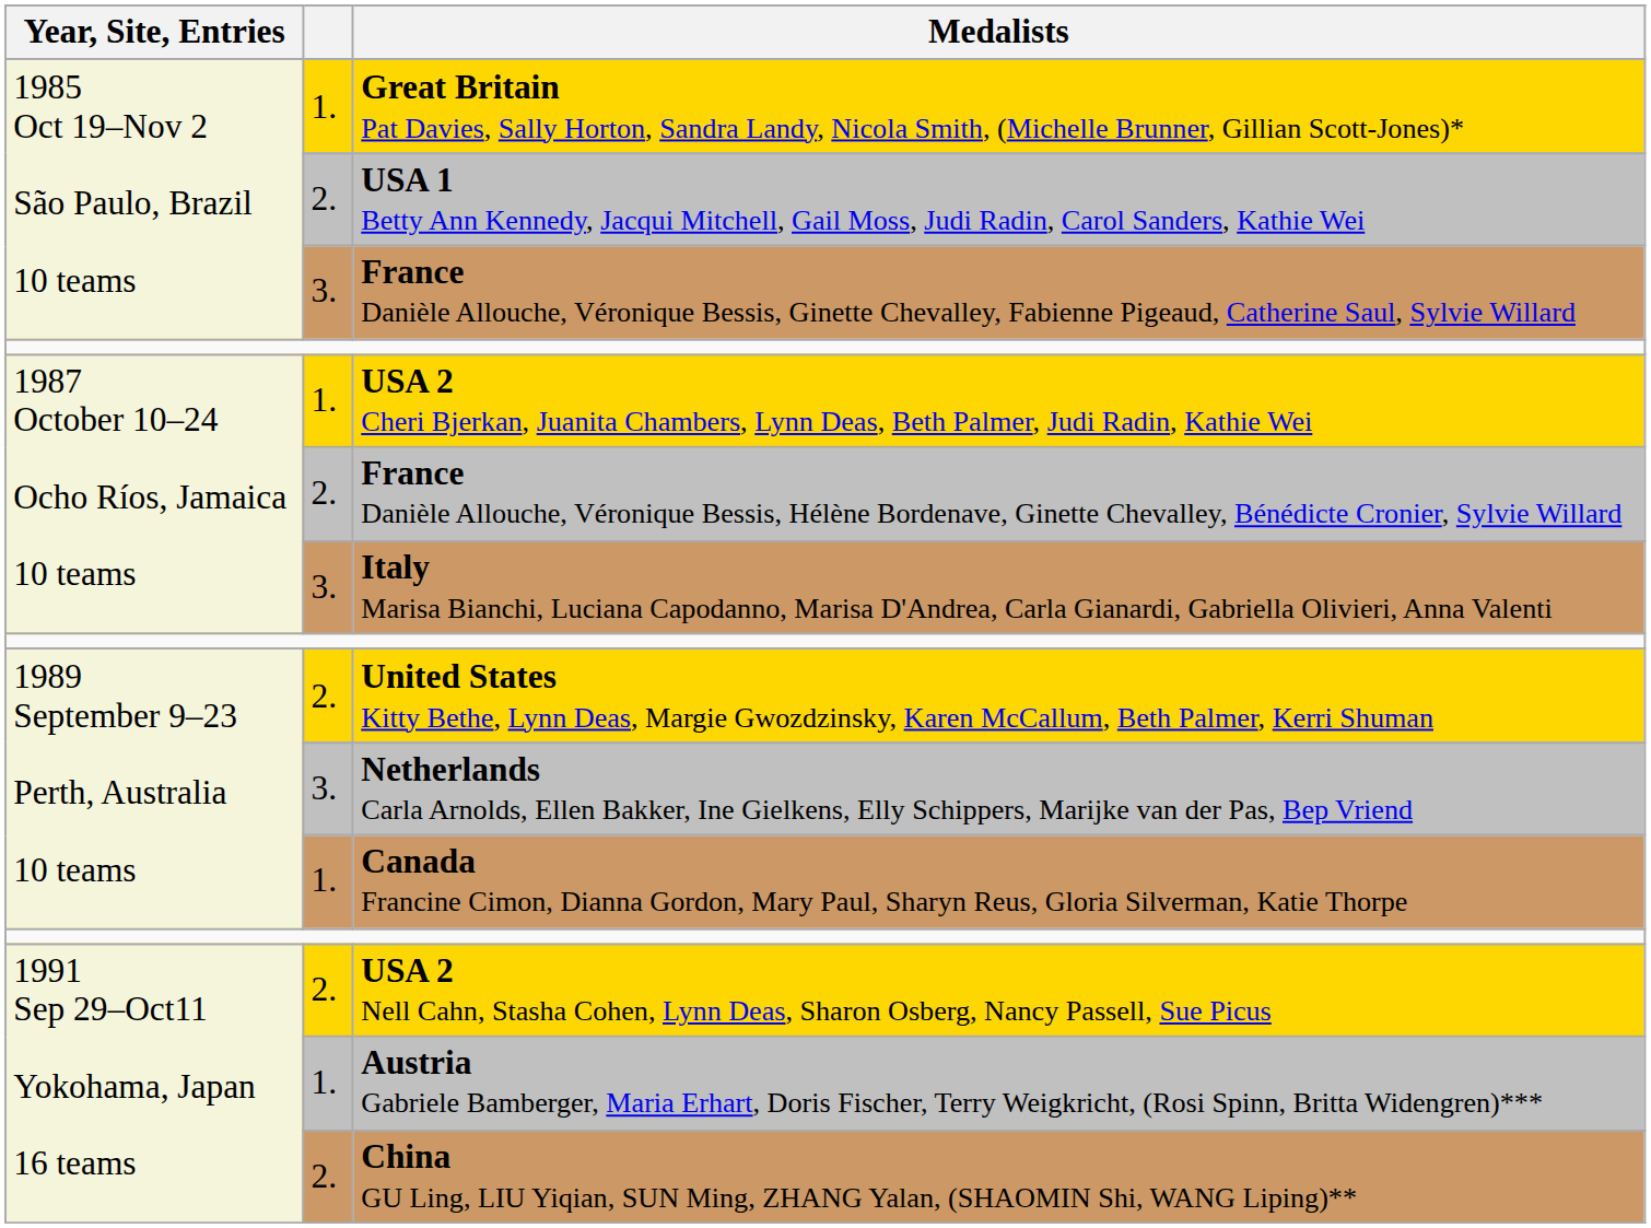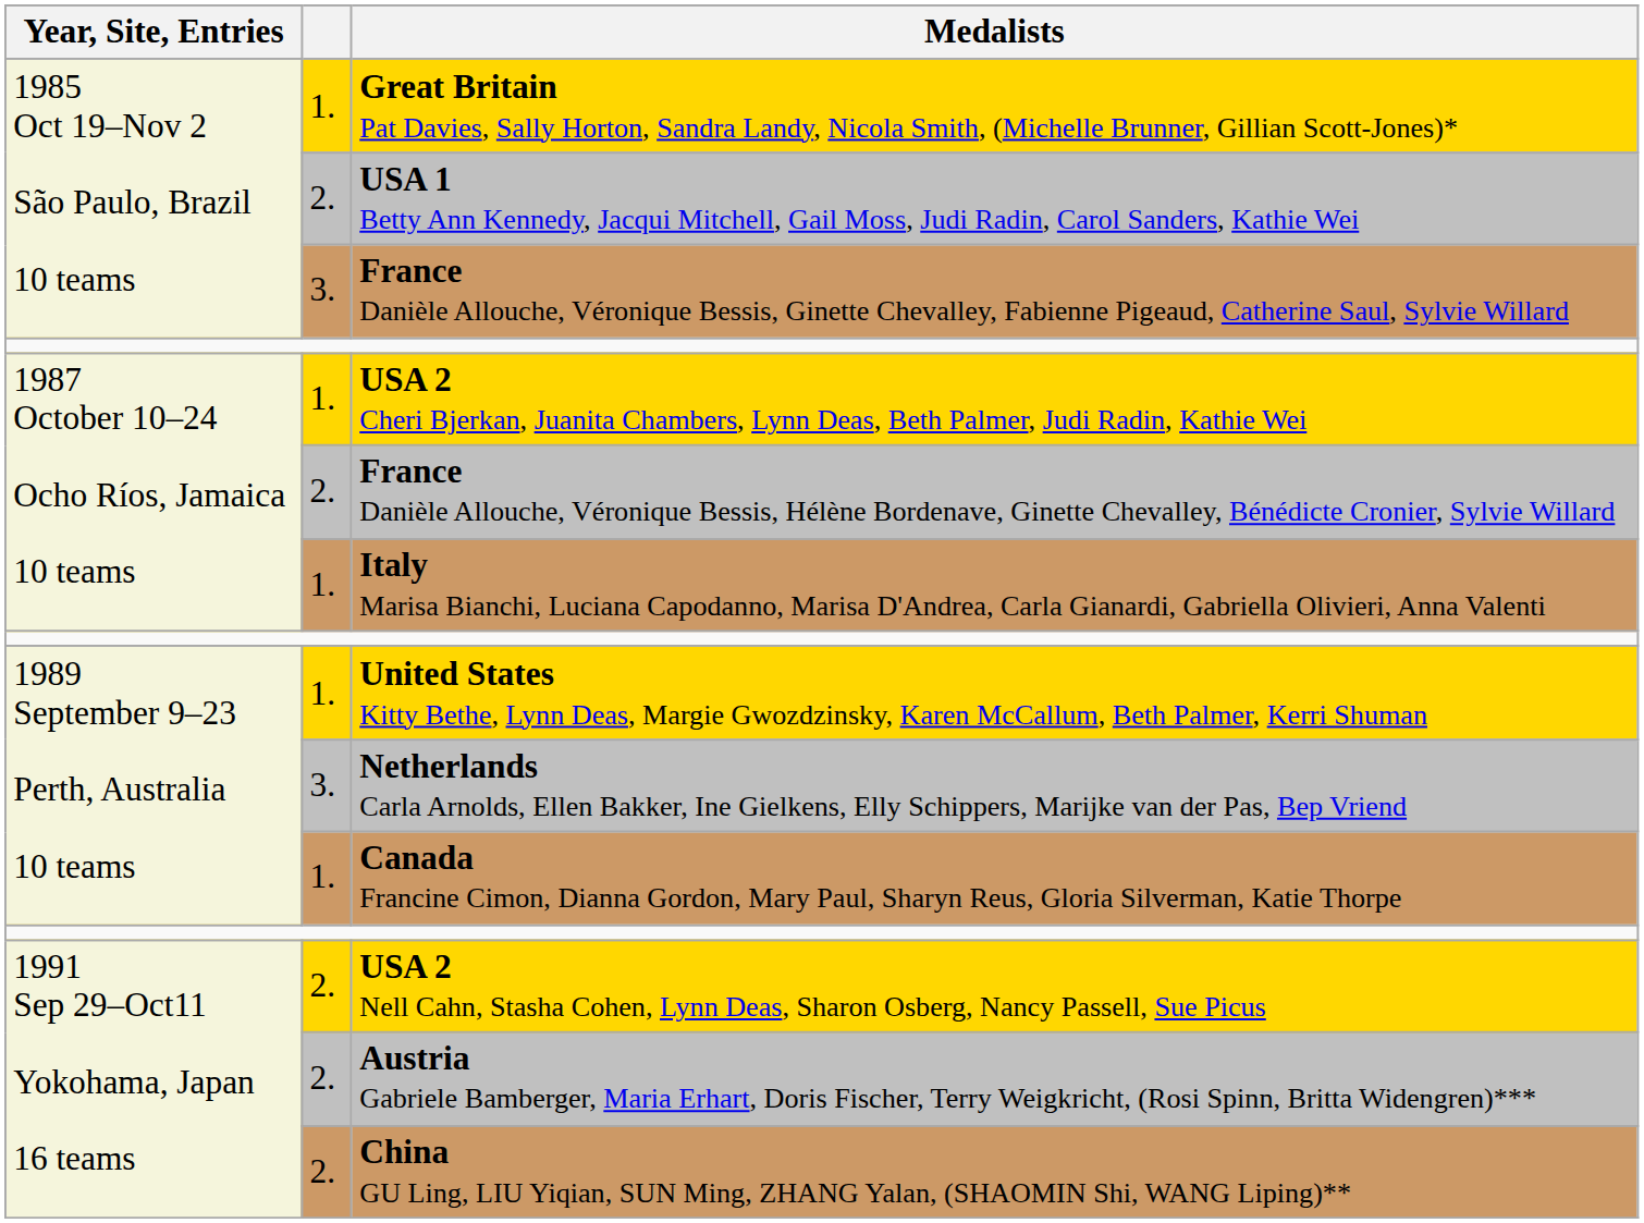 <table class=wikitable>
 <tr>
 <th>Year, Site, Entries</th>
 <th></th>
 <th>Medalists</th>
 </tr>
 <tr bgcolor="gold">
 <td rowspan=3 bgcolor="beige" valign="Top">1985<br>Oct 19–Nov 2 <br> <br>São Paulo, Brazil <br> <br>10 teams</td>
 <td>1. </td>
 <td> <strong>Great Britain</strong><br><small><a href='#'>Pat Davies</a>, <a href='#'>Sally Horton</a>, <a href='#'>Sandra Landy</a>, <a href='#'>Nicola Smith</a>, (<a href='#'>Michelle Brunner</a>, Gillian Scott-Jones)*</small></td>
 </tr>
 <tr bgcolor="silver">
 <td>2.</td>
 <td> <strong>USA 1</strong> <br><small><a href='#'>Betty Ann Kennedy</a>, <a href='#'>Jacqui Mitchell</a>, <a href='#'>Gail Moss</a>, <a href='#'>Judi Radin</a>, <a href='#'>Carol Sanders</a>, <a href='#'>Kathie Wei</a></small></td>
 </tr>
 <tr bgcolor="cc9966">
 <td>3.</td>
 <td> <strong>France</strong><br><small>Danièle Allouche, Véronique Bessis, Ginette Chevalley, Fabienne Pigeaud, <a href='#'>Catherine Saul</a>, <a href='#'>Sylvie Willard</a></small></td>
 </tr>
 <tr>
 <td colspan=3></td>
 </tr>
 <tr bgcolor="gold">
 <td rowspan=3 bgcolor="beige" valign="Top">1987<br>October 10–24 <br> <br>Ocho Ríos, Jamaica  <br> <br>10 teams</td>
 <td>1.</td>
 <td> <strong>USA 2</strong> <br><small><a href='#'>Cheri Bjerkan</a>, <a href='#'>Juanita Chambers</a>, <a href='#'>Lynn Deas</a>, <a href='#'>Beth Palmer</a>, <a href='#'>Judi Radin</a>, <a href='#'>Kathie Wei</a></small></td>
 </tr>
 <tr bgcolor="silver">
 <td>2.</td>
 <td> <strong>France</strong> <br><small>Danièle Allouche, Véronique Bessis, Hélène Bordenave, Ginette Chevalley, <a href='#'>Bénédicte Cronier</a>, <a href='#'>Sylvie Willard</a>  </small></td>
 </tr>
 <tr bgcolor="cc9966">
-<td>3.</td>
+<td>1.</td>
 <td> <strong>Italy</strong> <br><small>Marisa Bianchi, Luciana Capodanno, Marisa D'Andrea, Carla Gianardi, Gabriella Olivieri, Anna Valenti</small></td>
 </tr>
 <tr>
 <td colspan=3></td>
 </tr>
 <tr bgcolor="gold">
 <td rowspan=3 bgcolor="beige" valign="Top">1989<br>September 9–23 <br> <br>Perth, Australia <br> <br>10 teams</td>
-<td>2.</td>
+<td>1.</td>
 <td> <strong>United States</strong> <br><small><a href='#'>Kitty Bethe</a>, <a href='#'>Lynn Deas</a>, Margie Gwozdzinsky, <a href='#'>Karen McCallum</a>, <a href='#'>Beth Palmer</a>, <a href='#'>Kerri Shuman</a></small></td>
 </tr>
 <tr bgcolor="silver">
 <td>3.</td>
 <td> <strong>Netherlands</strong> <br><small>Carla Arnolds, Ellen Bakker, Ine Gielkens, Elly Schippers, Marijke van der Pas, <a href='#'>Bep Vriend</a></small></td>
 </tr>
 <tr bgcolor="cc9966">
 <td>1.</td>
 <td> <strong>Canada</strong> <br><small>Francine Cimon, Dianna Gordon, Mary Paul, Sharyn Reus, Gloria Silverman, Katie Thorpe</small></td>
 </tr>
 <tr>
 <td colspan=3></td>
 </tr>
 <tr bgcolor="gold">
 <td rowspan=3 bgcolor="beige" valign="Top">1991<br>Sep 29–Oct11 <br> <br>Yokohama, Japan <br> <br>16 teams</td>
 <td>2.</td>
 <td> <strong>USA 2</strong> <br><small>Nell Cahn, Stasha Cohen, <a href='#'>Lynn Deas</a>, Sharon Osberg, Nancy Passell, <a href='#'>Sue Picus</a></small></td>
 </tr>
 <tr bgcolor="silver">
-<td>1.</td>
+<td>2.</td>
 <td> <strong>Austria</strong> <br><small>Gabriele Bamberger, <a href='#'>Maria Erhart</a>, Doris Fischer, Terry Weigkricht, (Rosi Spinn, Britta Widengren)***</small></td>
 </tr>
 <tr bgcolor="cc9966">
 <td>2.</td>
 <td> <strong>China</strong> <br><small>GU Ling, LIU Yiqian, SUN Ming, ZHANG Yalan, (SHAOMIN Shi, WANG Liping)**</small></td>
 </tr>
 </table>
